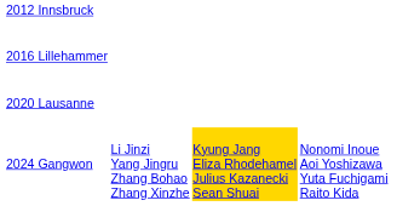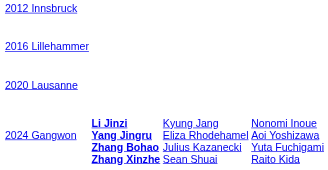 <table>
 <tr>
 <td><a href='#'>2012 Innsbruck</a><br></td>
 <td><br><br><br></td>
 <td><br><br><br></td>
 <td><br><br><br></td>
 </tr>
 <tr>
 <td><a href='#'>2016 Lillehammer</a><br></td>
 <td><br><br><br></td>
 <td><br><br><br></td>
 <td><br><br><br></td>
 </tr>
 <tr>
 <td><a href='#'>2020 Lausanne</a><br></td>
 <td><br><br><br></td>
 <td><br><br><br></td>
 <td><br><br><br></td>
 </tr>
 <tr>
 <td><a href='#'>2024 Gangwon</a><br></td>
-<td><br><a href='#'>Li Jinzi</a><br><a href='#'>Yang Jingru</a><br><a href='#'>Zhang Bohao</a><br><a href='#'>Zhang Xinzhe</a></td>
-<td style="background: gold;"><br><a href='#'>Kyung Jang</a><br><a href='#'>Eliza Rhodehamel</a><br><a href='#'>Julius Kazanecki</a><br><a href='#'>Sean Shuai</a></td>
+<td><strong><br><a href='#'>Li Jinzi</a><br><a href='#'>Yang Jingru</a><br><a href='#'>Zhang Bohao</a><br><a href='#'>Zhang Xinzhe</a></strong></td>
+<td><br><a href='#'>Kyung Jang</a><br><a href='#'>Eliza Rhodehamel</a><br><a href='#'>Julius Kazanecki</a><br><a href='#'>Sean Shuai</a></td>
 <td><br><a href='#'>Nonomi Inoue</a><br><a href='#'>Aoi Yoshizawa</a><br><a href='#'>Yuta Fuchigami</a><br><a href='#'>Raito Kida</a></td>
 </tr>
 </table>
